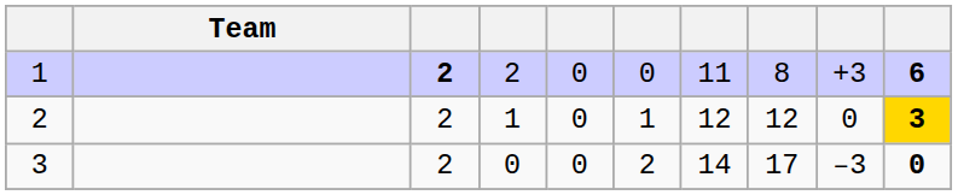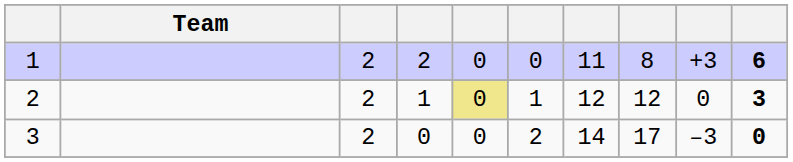 <table class="wikitable" style="text-align: center; font-size: 100%;">
 <tr>
 <th width="25"></th>
 <th width="150">Team</th>
 <th width="25"></th>
 <th width="25"></th>
 <th width="25"></th>
 <th width="25"></th>
 <th width="25"></th>
 <th width="25"></th>
 <th width="25"></th>
 <th width="25"></th>
 </tr>
 <tr style="background-color: #ccccff;">
 <td>1</td>
 <td align=left></td>
-<td><strong>2</strong></td>
+<td>2</td>
 <td>2</td>
 <td>0</td>
 <td>0</td>
 <td>11</td>
 <td>8</td>
 <td>+3</td>
 <td><strong>6</strong></td>
 </tr>
 <tr>
 <td>2</td>
 <td align=left></td>
 <td>2</td>
 <td>1</td>
-<td>0</td>
+<td style="background: khaki;">0</td>
 <td>1</td>
 <td>12</td>
 <td>12</td>
 <td>0</td>
-<td style="background: gold;"><strong>3</strong></td>
+<td><strong>3</strong></td>
 </tr>
 <tr>
 <td>3</td>
 <td align=left></td>
 <td>2</td>
 <td>0</td>
 <td>0</td>
 <td>2</td>
 <td>14</td>
 <td>17</td>
 <td>–3</td>
 <td><strong>0</strong></td>
 </tr>
 </table>
